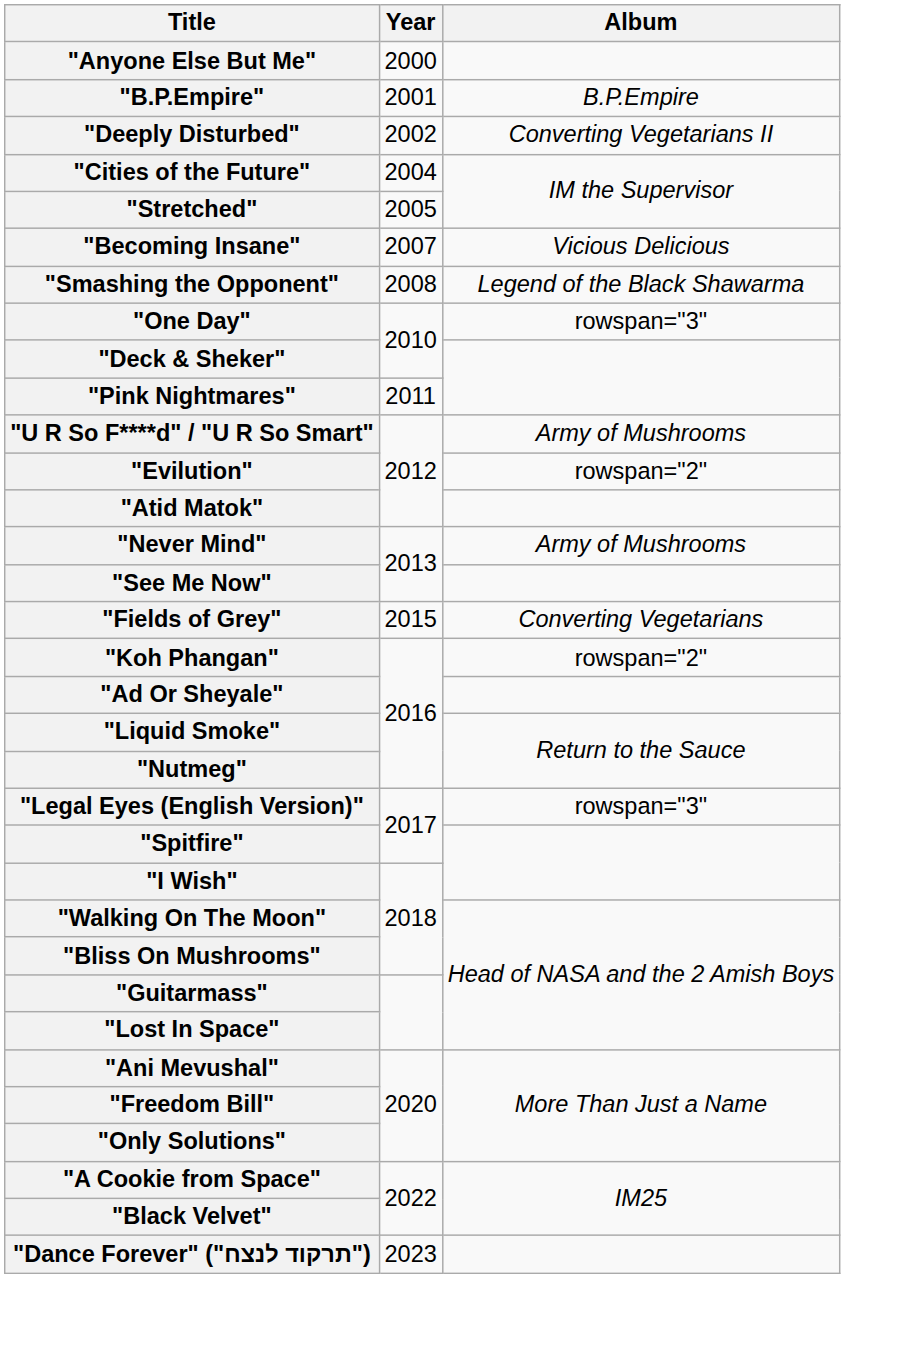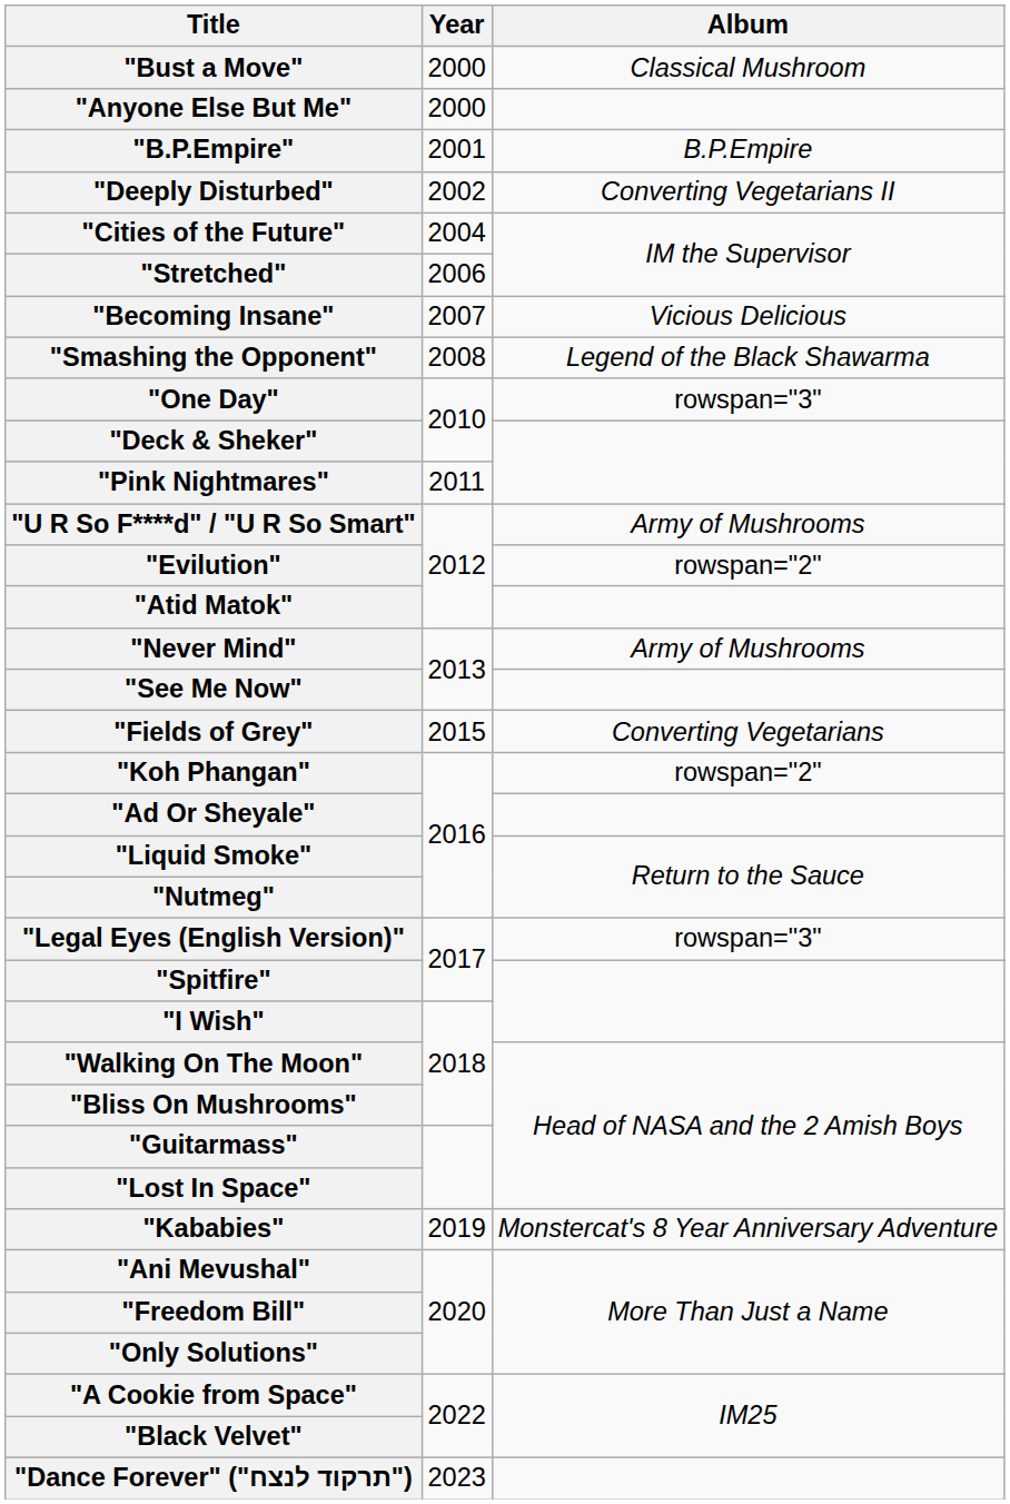 <table class="wikitable plainrowheaders" style="text-align:center;">
 <tr>
 <th scope="col">Title</th>
 <th scope="col">Year</th>
 <th scope="col">Album</th>
+</tr>
+<tr>
+<th scope="row">"Bust a Move"</th>
+<td>2000</td>
+<td><em>Classical Mushroom</em></td>
 </tr>
 <tr>
 <th scope="row">"Anyone Else But Me"</th>
 <td>2000</td>
 <td></td>
 </tr>
 <tr>
 <th scope="row">"B.P.Empire"</th>
 <td>2001</td>
 <td><em>B.P.Empire</em></td>
 </tr>
 <tr>
 <th scope="row">"Deeply Disturbed"</th>
 <td>2002</td>
 <td><em>Converting Vegetarians II</em></td>
 </tr>
 <tr>
 <th scope="row">"Cities of the Future"</th>
 <td>2004</td>
 <td rowspan="2"><em>IM the Supervisor</em></td>
 </tr>
 <tr>
 <th scope="row">"Stretched"</th>
-<td>2005</td>
+<td>2006</td>
 </tr>
 <tr>
 <th scope="row">"Becoming Insane"</th>
 <td>2007</td>
 <td><em>Vicious Delicious</em></td>
 </tr>
 <tr>
 <th scope="row">"Smashing the Opponent"</th>
 <td>2008</td>
 <td><em>Legend of the Black Shawarma</em></td>
 </tr>
 <tr>
 <th scope="row">"One Day"<br></th>
 <td rowspan="2">2010</td>
 <td>rowspan="3" </td>
 </tr>
 <tr>
 <th scope="row">"Deck & Sheker"</th>
 </tr>
 <tr>
 <th scope="row">"Pink Nightmares"</th>
 <td>2011</td>
 </tr>
 <tr>
 <th scope="row">"U R So F****d" / "U R So Smart"</th>
 <td rowspan="3">2012</td>
 <td><em>Army of Mushrooms</em></td>
 </tr>
 <tr>
 <th scope="row">"Evilution"<br></th>
 <td>rowspan="2" </td>
 </tr>
 <tr>
 <th scope="row">"Atid Matok"<br></th>
 </tr>
 <tr>
 <th scope="row">"Never Mind"</th>
 <td rowspan="2">2013</td>
 <td><em>Army of Mushrooms</em></td>
 </tr>
 <tr>
 <th scope="row">"See Me Now"</th>
 <td></td>
 </tr>
 <tr>
 <th scope="row">"Fields of Grey"<br></th>
 <td>2015</td>
 <td><em>Converting Vegetarians</em></td>
 </tr>
 <tr>
 <th scope="row">"Koh Phangan"<br></th>
 <td rowspan="4">2016</td>
 <td>rowspan="2" </td>
 </tr>
 <tr>
 <th scope="row">"Ad Or Sheyale"<br></th>
 </tr>
 <tr>
 <th scope="row">"Liquid Smoke"</th>
 <td rowspan="2"><em>Return to the Sauce</em></td>
 </tr>
 <tr>
 <th scope="row">"Nutmeg"</th>
 </tr>
 <tr>
 <th scope="row">"Legal Eyes (English Version)"<br></th>
 <td rowspan="2">2017</td>
 <td>rowspan="3" </td>
 </tr>
 <tr>
 <th scope="row">"Spitfire"</th>
 </tr>
 <tr>
 <th scope="row">"I Wish"<br></th>
 <td rowspan="3">2018</td>
 </tr>
 <tr>
 <th scope="row">"Walking On The Moon"</th>
 <td rowspan="4"><em>Head of NASA and the 2 Amish Boys</em></td>
 </tr>
 <tr>
 <th scope="row">"Bliss On Mushrooms"<br></th>
 </tr>
 <tr>
 <th scope="row">"Guitarmass"</th>
 </tr>
 <tr>
 <th scope="row">"Lost In Space"</th>
 </tr>
 <tr>
+<th scope="row">"Kababies"</th>
+<td>2019</td>
+<td><em>Monstercat's 8 Year Anniversary Adventure</em></td>
+</tr>
+<tr>
 <th scope="row">"Ani Mevushal"<br></th>
 <td rowspan="3">2020</td>
 <td rowspan="3"><em>More Than Just a Name</em></td>
 </tr>
 <tr>
 <th scope="row">"Freedom Bill"<br></th>
 </tr>
 <tr>
 <th scope="row">"Only Solutions"</th>
 </tr>
 <tr>
 <th scope="row">"A Cookie from Space"</th>
 <td rowspan="2">2022</td>
 <td rowspan="2"><em>IM25</em></td>
 </tr>
 <tr>
 <th scope="row">"Black Velvet"<br></th>
 </tr>
 <tr>
 <th scope="row">"Dance Forever" ("תרקוד לנצח")<br></th>
 <td>2023</td>
 <td></td>
 </tr>
 </table>
